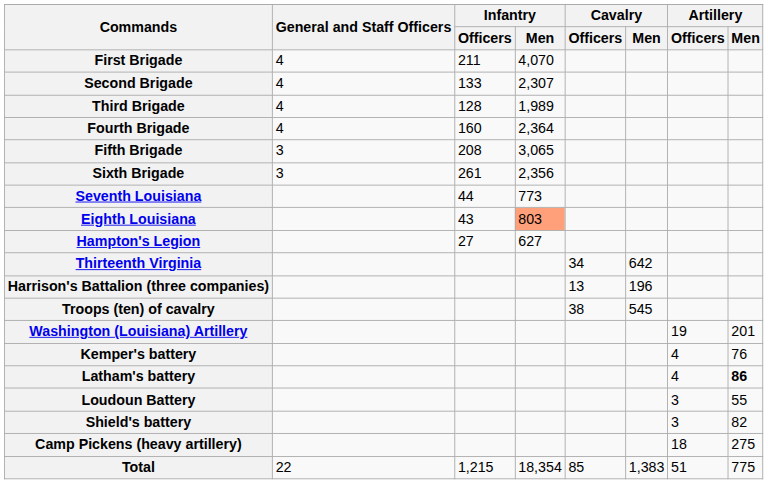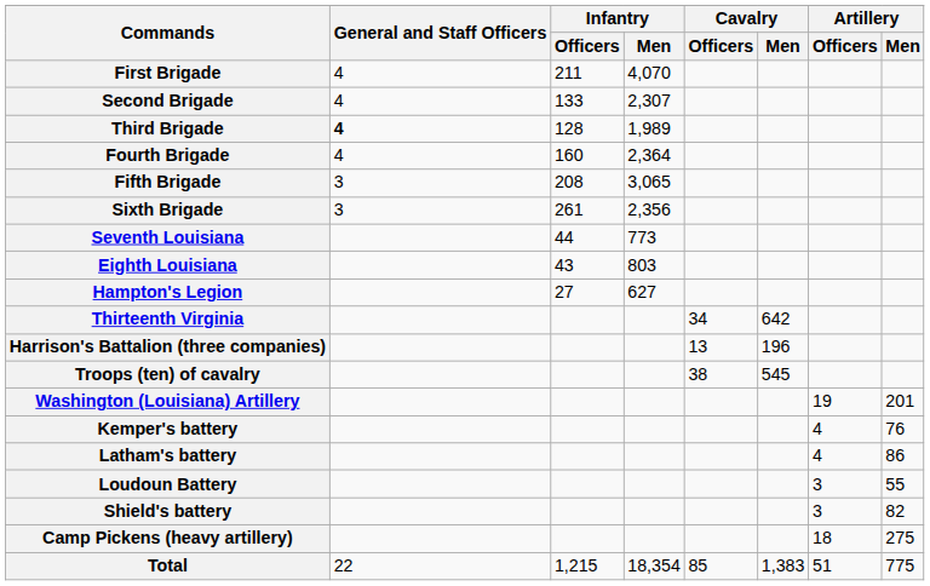 <table class="wikitable plainrowheaders">
 <tr>
 </tr>
 <tr>
 <th scope=col rowspan=2>Commands</th>
 <th scope=col rowspan=2>General and Staff Officers</th>
 <th scope=col colspan=2>Infantry</th>
 <th scope=col colspan=2>Cavalry</th>
 <th scope=col colspan=2>Artillery</th>
 </tr>
 <tr>
 <th scope=col>Officers</th>
 <th scope=col>Men</th>
 <th scope=col>Officers</th>
 <th scope=col>Men</th>
 <th scope=col>Officers</th>
 <th scope=col>Men</th>
 </tr>
 <tr>
 <th scope=row>First Brigade</th>
 <td>4</td>
 <td>211</td>
 <td>4,070</td>
 <td></td>
 <td></td>
 <td></td>
 <td></td>
 </tr>
 <tr>
 <th scope=row>Second Brigade</th>
 <td>4</td>
 <td>133</td>
 <td>2,307</td>
 <td></td>
 <td></td>
 <td></td>
 <td></td>
 </tr>
 <tr>
 <th scope=row>Third Brigade</th>
-<td>4</td>
+<td><strong>4</strong></td>
 <td>128</td>
 <td>1,989</td>
 <td></td>
 <td></td>
 <td></td>
 <td></td>
 </tr>
 <tr>
 <th scope=row>Fourth Brigade</th>
 <td>4</td>
 <td>160</td>
 <td>2,364</td>
 <td></td>
 <td></td>
 <td></td>
 <td></td>
 </tr>
 <tr>
 <th scope=row>Fifth Brigade</th>
 <td>3</td>
 <td>208</td>
 <td>3,065</td>
 <td></td>
 <td></td>
 <td></td>
 <td></td>
 </tr>
 <tr>
 <th scope=row>Sixth Brigade</th>
 <td>3</td>
 <td>261</td>
 <td>2,356</td>
 <td></td>
 <td></td>
 <td></td>
 <td></td>
 </tr>
 <tr>
 <th scope=row><a href='#'>Seventh Louisiana</a></th>
 <td></td>
 <td>44</td>
 <td>773</td>
 <td></td>
 <td></td>
 <td></td>
 <td></td>
 </tr>
 <tr>
 <th scope=row><a href='#'>Eighth Louisiana</a></th>
 <td></td>
 <td>43</td>
-<td style="background: lightsalmon;">803</td>
+<td>803</td>
 <td></td>
 <td></td>
 <td></td>
 <td></td>
 </tr>
 <tr>
 <th scope=row><a href='#'>Hampton's Legion</a></th>
 <td></td>
 <td>27</td>
 <td>627</td>
 <td></td>
 <td></td>
 <td></td>
 <td></td>
 </tr>
 <tr>
 <th scope=row><a href='#'>Thirteenth Virginia</a></th>
 <td></td>
 <td></td>
 <td></td>
 <td>34</td>
 <td>642</td>
 <td></td>
 <td></td>
 </tr>
 <tr>
 <th scope=row>Harrison's Battalion (three companies)</th>
 <td></td>
 <td></td>
 <td></td>
 <td>13</td>
 <td>196</td>
 <td></td>
 <td></td>
 </tr>
 <tr>
 <th scope=row>Troops (ten) of cavalry</th>
 <td></td>
 <td></td>
 <td></td>
 <td>38</td>
 <td>545</td>
 <td></td>
 <td></td>
 </tr>
 <tr>
 <th scope=row><a href='#'>Washington (Louisiana) Artillery</a></th>
 <td></td>
 <td></td>
 <td></td>
 <td></td>
 <td></td>
 <td>19</td>
 <td>201</td>
 </tr>
 <tr>
 <th scope=row>Kemper's battery</th>
 <td></td>
 <td></td>
 <td></td>
 <td></td>
 <td></td>
 <td>4</td>
 <td>76</td>
 </tr>
 <tr>
 <th scope=row>Latham's battery</th>
 <td></td>
 <td></td>
 <td></td>
 <td></td>
 <td></td>
 <td>4</td>
-<td><strong>86</strong></td>
+<td>86</td>
 </tr>
 <tr>
 <th scope=row>Loudoun Battery</th>
 <td></td>
 <td></td>
 <td></td>
 <td></td>
 <td></td>
 <td>3</td>
 <td>55</td>
 </tr>
 <tr>
 <th scope=row>Shield's battery</th>
 <td></td>
 <td></td>
 <td></td>
 <td></td>
 <td></td>
 <td>3</td>
 <td>82</td>
 </tr>
 <tr>
 <th scope=row>Camp Pickens (heavy artillery)</th>
 <td></td>
 <td></td>
 <td></td>
 <td></td>
 <td></td>
 <td>18</td>
 <td>275</td>
 </tr>
 <tr>
 <th>Total</th>
 <td>22</td>
 <td>1,215</td>
 <td>18,354</td>
 <td>85</td>
 <td>1,383</td>
 <td>51</td>
 <td>775</td>
 </tr>
 </table>
